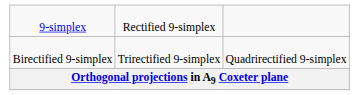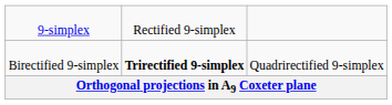 <table class=wikitable align=right style="margin-left:1em;">
 <tr align=center valign=top>
 <td><br><a href='#'>9-simplex</a><br></td>
 <td><br>Rectified 9-simplex<br></td>
 </tr>
 <tr align=center valign=top>
 <td><br>Birectified 9-simplex<br></td>
-<td><br>Trirectified 9-simplex<br></td>
+<td><strong><br>Trirectified 9-simplex<br></strong></td>
 <td><br>Quadrirectified 9-simplex<br></td>
 </tr>
 <tr>
 <th colspan=4><a href='#'>Orthogonal projections</a> in A<sub>9</sub> <a href='#'>Coxeter plane</a></th>
 </tr>
 </table>
